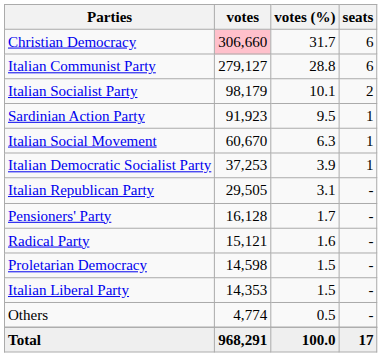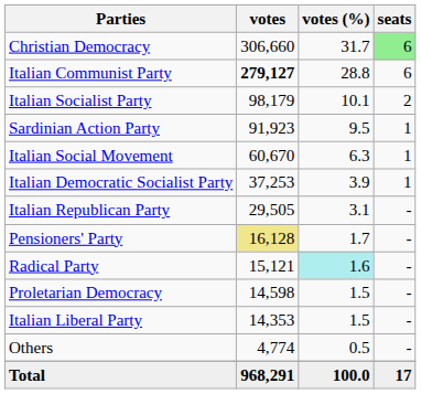 <table class="wikitable" style="font-size:95%">
 <tr bgcolor="EFEFEF">
 <th>Parties</th>
 <th>votes</th>
 <th>votes (%)</th>
 <th>seats</th>
 </tr>
 <tr>
 <td><a href='#'>Christian Democracy</a></td>
-<td align=right style="background: pink;">306,660</td>
+<td align=right>306,660</td>
 <td align=right>31.7</td>
-<td align=right>6</td>
+<td align=right style="background: lightgreen;">6</td>
 </tr>
 <tr>
 <td><a href='#'>Italian Communist Party</a></td>
-<td align=right>279,127</td>
+<td align=right><strong>279,127</strong></td>
 <td align=right>28.8</td>
 <td align=right>6</td>
 </tr>
 <tr>
 <td><a href='#'>Italian Socialist Party</a></td>
 <td align=right>98,179</td>
 <td align=right>10.1</td>
 <td align=right>2</td>
 </tr>
 <tr>
 <td><a href='#'>Sardinian Action Party</a></td>
 <td align=right>91,923</td>
 <td align=right>9.5</td>
 <td align=right>1</td>
 </tr>
 <tr>
 <td><a href='#'>Italian Social Movement</a></td>
 <td align=right>60,670</td>
 <td align=right>6.3</td>
 <td align=right>1</td>
 </tr>
 <tr>
 <td><a href='#'>Italian Democratic Socialist Party</a></td>
 <td align=right>37,253</td>
 <td align=right>3.9</td>
 <td align=right>1</td>
 </tr>
 <tr>
 <td><a href='#'>Italian Republican Party</a></td>
 <td align=right>29,505</td>
 <td align=right>3.1</td>
 <td align=right>-</td>
 </tr>
 <tr>
 <td><a href='#'>Pensioners' Party</a></td>
-<td align=right>16,128</td>
+<td align=right style="background: khaki;">16,128</td>
 <td align=right>1.7</td>
 <td align=right>-</td>
 </tr>
 <tr>
 <td><a href='#'>Radical Party</a></td>
 <td align=right>15,121</td>
-<td align=right>1.6</td>
+<td align=right style="background: paleturquoise;">1.6</td>
 <td align=right>-</td>
 </tr>
 <tr>
 <td><a href='#'>Proletarian Democracy</a></td>
 <td align=right>14,598</td>
 <td align=right>1.5</td>
 <td align=right>-</td>
 </tr>
 <tr>
 <td><a href='#'>Italian Liberal Party</a></td>
 <td align=right>14,353</td>
 <td align=right>1.5</td>
 <td align=right>-</td>
 </tr>
 <tr>
 <td>Others</td>
 <td align=right>4,774</td>
 <td align=right>0.5</td>
 <td align=right>-</td>
 </tr>
 <tr>
 </tr>
 <tr bgcolor="EFEFEF">
 <td><strong>Total</strong></td>
 <td align=right><strong>968,291</strong></td>
 <td align=right><strong>100.0</strong></td>
 <td align=right><strong>17</strong></td>
 </tr>
 </table>
